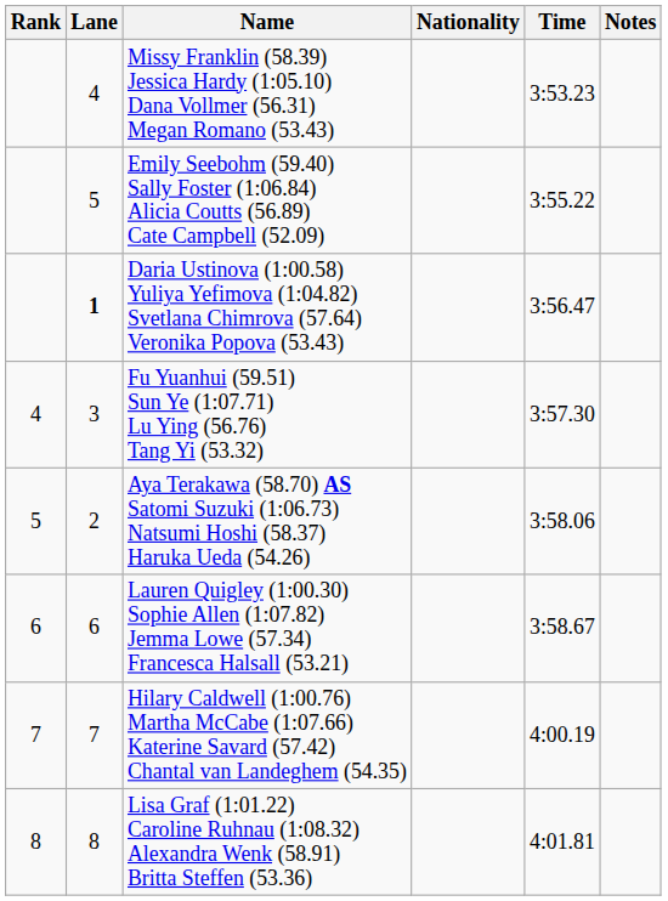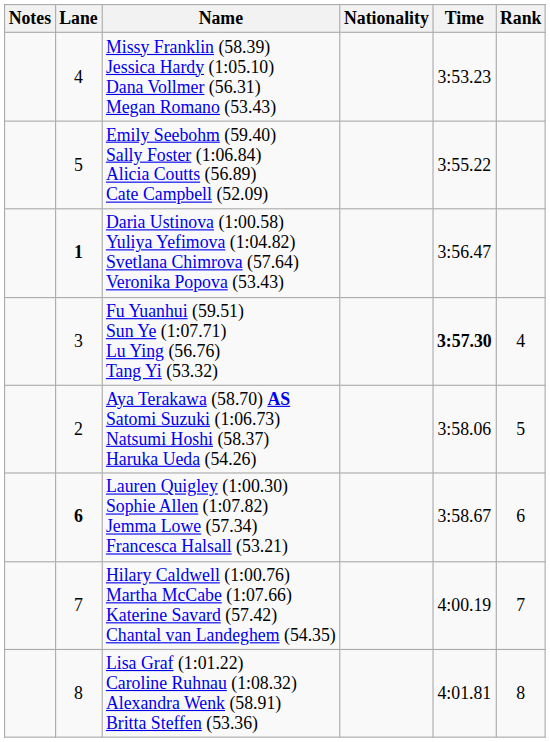 <table class="wikitable sortable" style="text-align:center">
 <tr>
-<th>Rank</th>
+<th>Notes</th>
 <th>Lane</th>
 <th>Name</th>
 <th>Nationality</th>
 <th>Time</th>
-<th>Notes</th>
+<th>Rank</th>
 </tr>
 <tr>
 <td></td>
 <td>4</td>
 <td align=left><a href='#'>Missy Franklin</a> (58.39)<br><a href='#'>Jessica Hardy</a> (1:05.10)<br><a href='#'>Dana Vollmer</a> (56.31)<br><a href='#'>Megan Romano</a> (53.43)</td>
 <td align=left></td>
 <td>3:53.23</td>
 <td></td>
 </tr>
 <tr>
 <td></td>
 <td>5</td>
 <td align=left><a href='#'>Emily Seebohm</a> (59.40)<br><a href='#'>Sally Foster</a> (1:06.84)<br><a href='#'>Alicia Coutts</a> (56.89)<br><a href='#'>Cate Campbell</a> (52.09)</td>
 <td align=left></td>
 <td>3:55.22</td>
 <td></td>
 </tr>
 <tr>
 <td></td>
 <td><strong>1</strong></td>
 <td align=left><a href='#'>Daria Ustinova</a> (1:00.58)<br><a href='#'>Yuliya Yefimova</a> (1:04.82)<br><a href='#'>Svetlana Chimrova</a> (57.64)<br><a href='#'>Veronika Popova</a> (53.43)</td>
 <td align=left></td>
 <td>3:56.47</td>
 <td></td>
 </tr>
 <tr>
-<td>4</td>
+<td></td>
 <td>3</td>
 <td align=left><a href='#'>Fu Yuanhui</a> (59.51)<br><a href='#'>Sun Ye</a> (1:07.71)<br><a href='#'>Lu Ying</a> (56.76)<br><a href='#'>Tang Yi</a> (53.32)</td>
 <td align=left></td>
-<td>3:57.30</td>
-<td></td>
+<td><strong>3:57.30</strong></td>
+<td>4</td>
 </tr>
 <tr>
-<td>5</td>
+<td></td>
 <td>2</td>
 <td align=left><a href='#'>Aya Terakawa</a> (58.70) <strong><a href='#'>AS</a></strong><br><a href='#'>Satomi Suzuki</a> (1:06.73)<br><a href='#'>Natsumi Hoshi</a> (58.37)<br><a href='#'>Haruka Ueda</a> (54.26)</td>
 <td align=left></td>
 <td>3:58.06</td>
-<td></td>
+<td>5</td>
 </tr>
 <tr>
-<td>6</td>
-<td>6</td>
+<td></td>
+<td><strong>6</strong></td>
 <td align=left><a href='#'>Lauren Quigley</a> (1:00.30)<br><a href='#'>Sophie Allen</a> (1:07.82)<br><a href='#'>Jemma Lowe</a> (57.34)<br><a href='#'>Francesca Halsall</a> (53.21)</td>
 <td align=left></td>
 <td>3:58.67</td>
-<td></td>
+<td>6</td>
 </tr>
 <tr>
-<td>7</td>
+<td></td>
 <td>7</td>
 <td align=left><a href='#'>Hilary Caldwell</a> (1:00.76)<br><a href='#'>Martha McCabe</a> (1:07.66)<br><a href='#'>Katerine Savard</a> (57.42)<br><a href='#'>Chantal van Landeghem</a> (54.35)</td>
 <td align=left></td>
 <td>4:00.19</td>
-<td></td>
+<td>7</td>
 </tr>
 <tr>
-<td>8</td>
+<td></td>
 <td>8</td>
 <td align=left><a href='#'>Lisa Graf</a> (1:01.22)<br><a href='#'>Caroline Ruhnau</a> (1:08.32)<br><a href='#'>Alexandra Wenk</a> (58.91)<br><a href='#'>Britta Steffen</a> (53.36)</td>
 <td align=left></td>
 <td>4:01.81</td>
-<td></td>
+<td>8</td>
 </tr>
 </table>
